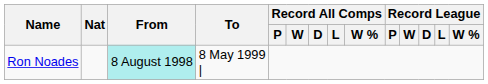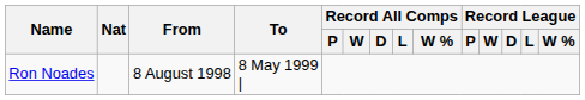 <table class="wikitable" style="text-align: center">
 <tr>
 <th rowspan="2">Name</th>
 <th rowspan="2">Nat</th>
 <th rowspan="2">From</th>
 <th rowspan="2">To</th>
 <th colspan="5">Record All Comps</th>
 <th colspan="5">Record League</th>
 </tr>
 <tr>
 <th>P</th>
 <th>W</th>
 <th>D</th>
 <th>L</th>
 <th>W %</th>
 <th>P</th>
 <th>W</th>
 <th>D</th>
 <th>L</th>
 <th>W %</th>
 </tr>
 <tr>
 <td align=left><a href='#'>Ron Noades</a></td>
 <td></td>
-<td align=left style="background: paleturquoise;">8 August 1998</td>
+<td align=left>8 August 1998</td>
 <td align=left>8 May 1999<br>|</td>
 </tr>
 </table>
